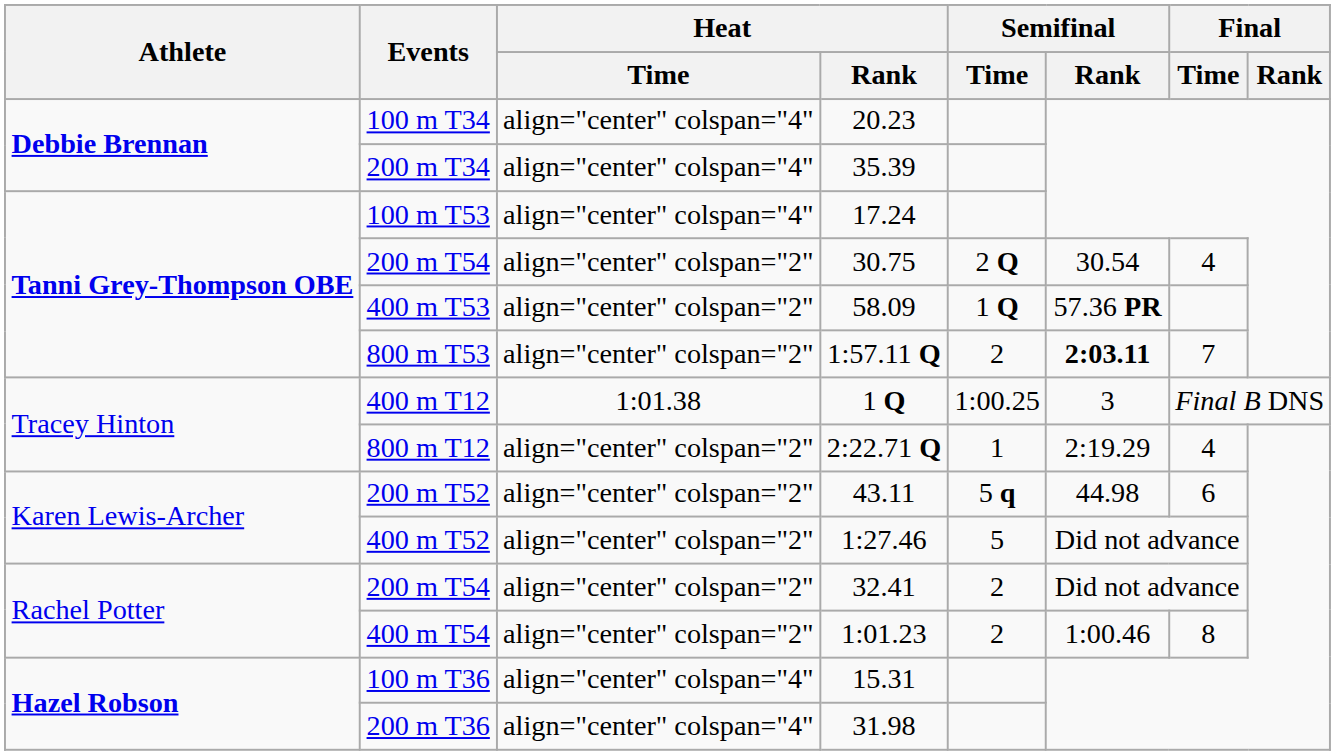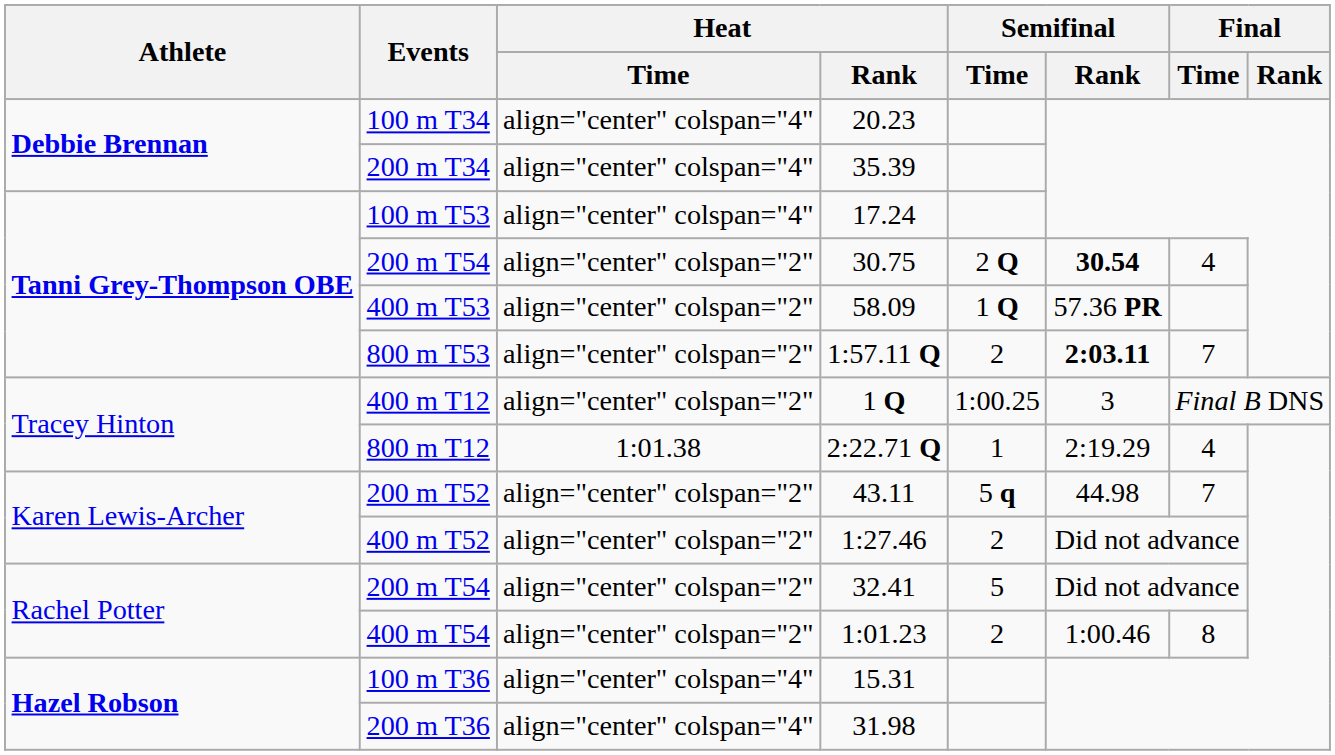 <table class=wikitable style="font-size:90%">
 <tr>
 <th rowspan="2">Athlete</th>
 <th rowspan="2">Events</th>
 <th colspan="2">Heat</th>
 <th colspan="2">Semifinal</th>
 <th colspan="2">Final</th>
 </tr>
 <tr>
 <th>Time</th>
 <th>Rank</th>
 <th>Time</th>
 <th>Rank</th>
 <th>Time</th>
 <th>Rank</th>
 </tr>
 <tr>
 <td rowspan="2"><strong><a href='#'>Debbie Brennan</a></strong></td>
 <td><a href='#'>100 m T34</a></td>
 <td>align="center" colspan="4" </td>
 <td align="center">20.23</td>
 <td align="center"></td>
 </tr>
 <tr>
 <td><a href='#'>200 m T34</a></td>
 <td>align="center" colspan="4" </td>
 <td align="center">35.39</td>
 <td align="center"></td>
 </tr>
 <tr>
 <td rowspan="4"><strong><a href='#'>Tanni Grey-Thompson OBE</a></strong></td>
 <td><a href='#'>100 m T53</a></td>
 <td>align="center" colspan="4" </td>
 <td align="center">17.24</td>
 <td align="center"></td>
 </tr>
 <tr>
 <td><a href='#'>200 m T54</a></td>
 <td>align="center" colspan="2" </td>
 <td align="center">30.75</td>
 <td align="center">2 <strong>Q</strong></td>
-<td align="center">30.54</td>
+<td align="center"><strong>30.54</strong></td>
 <td align="center">4</td>
 </tr>
 <tr>
 <td><a href='#'>400 m T53</a></td>
 <td>align="center" colspan="2" </td>
 <td align="center">58.09</td>
 <td align="center">1 <strong>Q</strong></td>
 <td align="center">57.36 <strong>PR</strong></td>
 <td align="center"></td>
 </tr>
 <tr>
 <td><a href='#'>800 m T53</a></td>
 <td>align="center" colspan="2" </td>
 <td align="center">1:57.11 <strong>Q</strong></td>
 <td align="center">2</td>
 <td align="center"><strong>2:03.11</strong></td>
 <td align="center">7</td>
 </tr>
 <tr>
 <td rowspan="2"><a href='#'>Tracey Hinton</a></td>
 <td><a href='#'>400 m T12</a></td>
-<td align="center">1:01.38</td>
+<td>align="center" colspan="2" </td>
 <td align="center">1 <strong>Q</strong></td>
 <td align="center">1:00.25</td>
 <td align="center">3</td>
 <td align="center" colspan="2"><em>Final B</em> DNS</td>
 </tr>
 <tr>
 <td><a href='#'>800 m T12</a></td>
-<td>align="center" colspan="2" </td>
+<td align="center">1:01.38</td>
 <td align="center">2:22.71 <strong>Q</strong></td>
 <td align="center">1</td>
 <td align="center">2:19.29</td>
 <td align="center">4</td>
 </tr>
 <tr>
 <td rowspan="2"><a href='#'>Karen Lewis-Archer</a></td>
 <td><a href='#'>200 m T52</a></td>
 <td>align="center" colspan="2" </td>
 <td align="center">43.11</td>
 <td align="center">5 <strong>q</strong></td>
 <td align="center">44.98</td>
-<td align="center">6</td>
+<td align="center">7</td>
 </tr>
 <tr>
 <td><a href='#'>400 m T52</a></td>
 <td>align="center" colspan="2" </td>
 <td align="center">1:27.46</td>
-<td align="center">5</td>
+<td align="center">2</td>
 <td align="center" colspan="2">Did not advance</td>
 </tr>
 <tr>
 <td rowspan="2"><a href='#'>Rachel Potter</a></td>
 <td><a href='#'>200 m T54</a></td>
 <td>align="center" colspan="2" </td>
 <td align="center">32.41</td>
-<td align="center">2</td>
+<td align="center">5</td>
 <td align="center" colspan="2">Did not advance</td>
 </tr>
 <tr>
 <td><a href='#'>400 m T54</a></td>
 <td>align="center" colspan="2" </td>
 <td align="center">1:01.23</td>
 <td align="center">2</td>
 <td align="center">1:00.46</td>
 <td align="center">8</td>
 </tr>
 <tr>
 <td rowspan="2"><strong><a href='#'>Hazel Robson</a></strong></td>
 <td><a href='#'>100 m T36</a></td>
 <td>align="center" colspan="4" </td>
 <td align="center">15.31</td>
 <td align="center"></td>
 </tr>
 <tr>
 <td><a href='#'>200 m T36</a></td>
 <td>align="center" colspan="4" </td>
 <td align="center">31.98</td>
 <td align="center"></td>
 </tr>
 </table>
